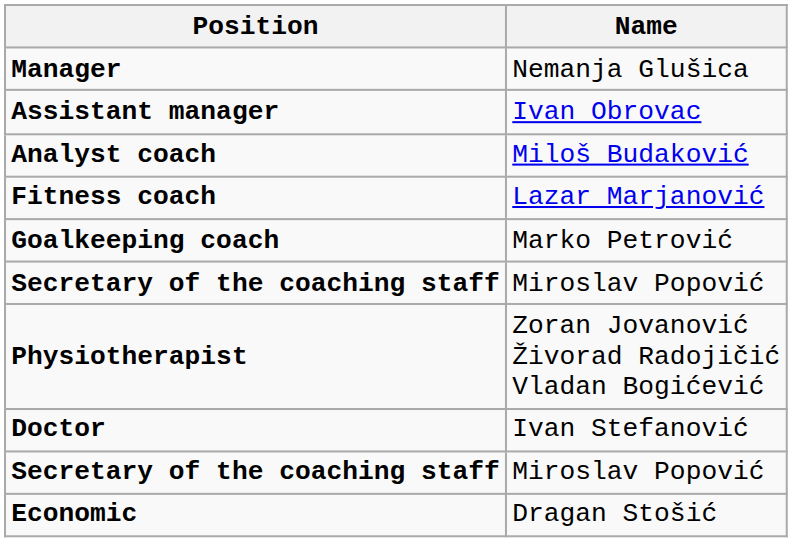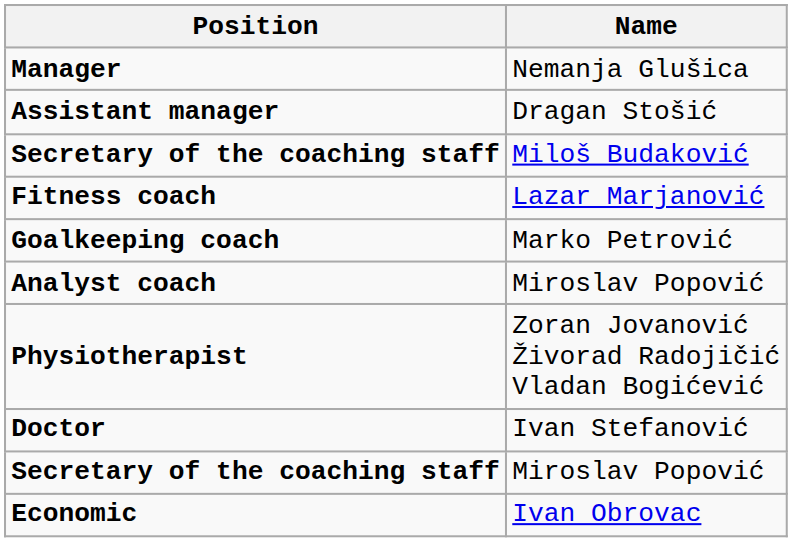 <table class="wikitable">
 <tr>
 <th>Position</th>
 <th>Name</th>
 </tr>
 <tr>
 <td><strong>Manager</strong></td>
 <td> Nemanja Glušica</td>
 </tr>
 <tr>
 <td><strong>Assistant manager</strong></td>
-<td> <a href='#'>Ivan Obrovac</a></td>
+<td> Dragan Stošić</td>
 </tr>
 <tr>
-<td><strong>Analyst coach</strong></td>
+<td><strong>Secretary of the coaching staff</strong></td>
 <td> <a href='#'>Miloš Budaković</a></td>
 </tr>
 <tr>
 <td><strong>Fitness coach</strong></td>
 <td> <a href='#'>Lazar Marjanović</a></td>
 </tr>
 <tr>
 <td><strong>Goalkeeping coach</strong></td>
 <td> Marko Petrović</td>
 </tr>
 <tr>
-<td><strong>Secretary of the coaching staff</strong></td>
+<td><strong>Analyst coach</strong></td>
 <td> Miroslav Popović</td>
 </tr>
 <tr>
 <td><strong>Physiotherapist </strong></td>
 <td> Zoran Jovanović <br>  Živorad Radojičić <br>  Vladan Bogićević</td>
 </tr>
 <tr>
 <td><strong>Doctor</strong></td>
 <td> Ivan Stefanović</td>
 </tr>
 <tr>
 <td><strong>Secretary of the coaching staff</strong></td>
 <td> Miroslav Popović</td>
 </tr>
 <tr>
 <td><strong>Economic</strong></td>
-<td> Dragan Stošić</td>
+<td> <a href='#'>Ivan Obrovac</a></td>
 </tr>
 </table>
